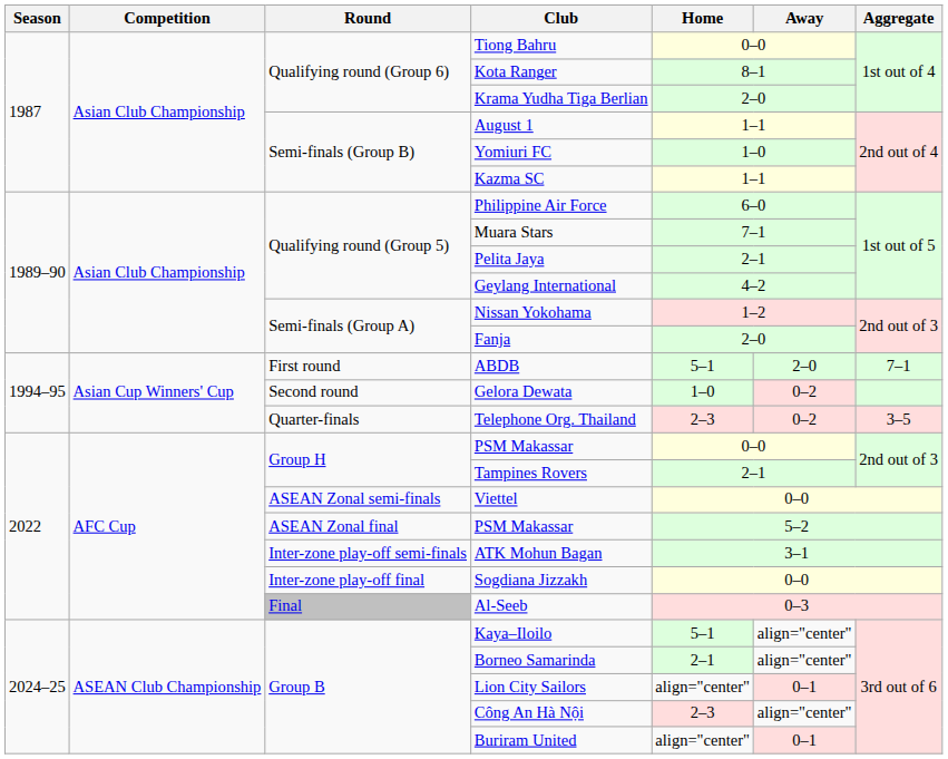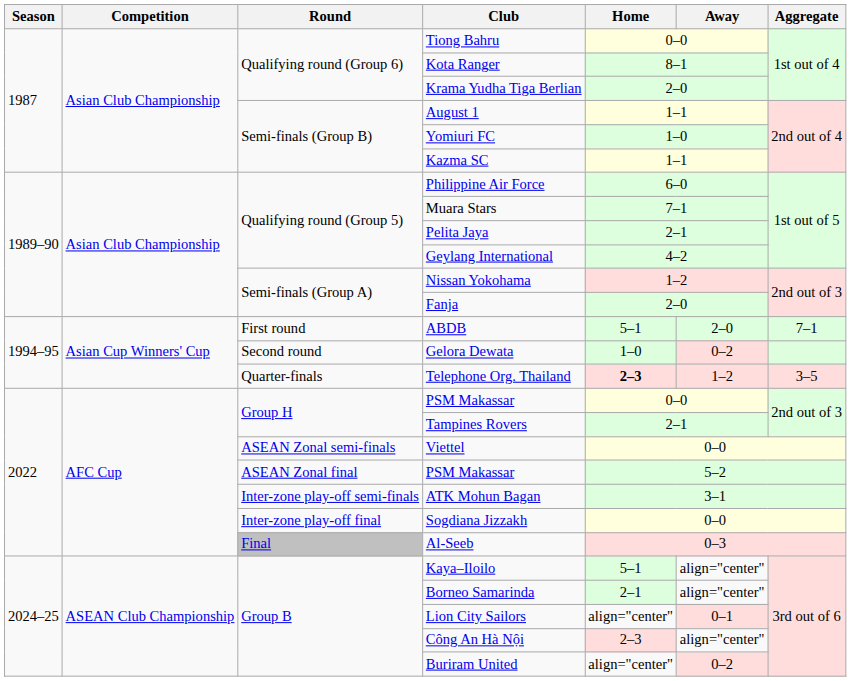 <table class="wikitable" style="font-size:90%">
 <tr>
 <th>Season</th>
 <th>Competition</th>
 <th>Round</th>
 <th>Club</th>
 <th>Home</th>
 <th>Away</th>
 <th>Aggregate</th>
 </tr>
 <tr>
 <td rowspan="6">1987</td>
 <td rowspan="6"><a href='#'>Asian Club Championship</a></td>
 <td rowspan="3">Qualifying round (Group 6)</td>
 <td> <a href='#'>Tiong Bahru</a></td>
 <td colspan="2" style="text-align:center; background:#ffd;">0–0</td>
 <td rowspan="3" style="text-align:center; background:#dfd;">1st out of 4</td>
 </tr>
 <tr>
 <td> <a href='#'>Kota Ranger</a></td>
 <td colspan="2" style="text-align:center; background:#dfd;">8–1</td>
 </tr>
 <tr>
 <td> <a href='#'>Krama Yudha Tiga Berlian</a></td>
 <td colspan="2" style="text-align:center; background:#dfd;">2–0</td>
 </tr>
 <tr>
 <td rowspan="3">Semi-finals (Group B)</td>
 <td> <a href='#'>August 1</a></td>
 <td colspan="2" style="text-align:center; background:#ffd;">1–1</td>
 <td rowspan="3" style="text-align:center; background:#fdd;">2nd out of 4</td>
 </tr>
 <tr>
 <td> <a href='#'>Yomiuri FC</a></td>
 <td colspan="2" style="text-align:center; background:#dfd;">1–0</td>
 </tr>
 <tr>
 <td> <a href='#'>Kazma SC</a></td>
 <td colspan="2" style="text-align:center; background:#ffd;">1–1</td>
 </tr>
 <tr>
 <td rowspan="6">1989–90</td>
 <td rowspan="6"><a href='#'>Asian Club Championship</a></td>
 <td rowspan="4">Qualifying round (Group 5)</td>
 <td> <a href='#'>Philippine Air Force</a></td>
 <td colspan="2" style="text-align:center; background:#dfd;">6–0</td>
 <td rowspan="4" style="text-align:center; background:#dfd;">1st out of 5</td>
 </tr>
 <tr>
 <td> Muara Stars</td>
 <td colspan="2" style="text-align:center; background:#dfd;">7–1</td>
 </tr>
 <tr>
 <td> <a href='#'>Pelita Jaya</a></td>
 <td colspan="2" style="text-align:center; background:#dfd;">2–1</td>
 </tr>
 <tr>
 <td> <a href='#'>Geylang International</a></td>
 <td colspan="2" style="text-align:center; background:#dfd;">4–2</td>
 </tr>
 <tr>
 <td rowspan="2">Semi-finals (Group A)</td>
 <td> <a href='#'>Nissan Yokohama</a></td>
 <td colspan="2" style="text-align:center; background:#fdd;">1–2</td>
 <td rowspan="2" style="text-align:center; background:#fdd;">2nd out of 3</td>
 </tr>
 <tr>
 <td> <a href='#'>Fanja</a></td>
 <td colspan="2" style="text-align:center; background:#dfd;">2–0</td>
 </tr>
 <tr>
 <td rowspan="3">1994–95</td>
 <td rowspan="3"><a href='#'>Asian Cup Winners' Cup</a></td>
 <td>First round</td>
 <td> <a href='#'>ABDB</a></td>
 <td style="text-align:center; background:#dfd;">5–1</td>
 <td style="text-align:center; background:#dfd;">2–0</td>
 <td style="text-align:center; background:#dfd;">7–1</td>
 </tr>
 <tr>
 <td>Second round</td>
 <td> <a href='#'>Gelora Dewata</a></td>
 <td style="text-align:center; background:#dfd;">1–0</td>
 <td style="text-align:center; background:#fdd;">0–2</td>
 <td style="text-align:center; background:#dfd;"></td>
 </tr>
 <tr>
 <td>Quarter-finals</td>
 <td> <a href='#'>Telephone Org. Thailand</a></td>
-<td style="text-align:center; background:#fdd;">2–3 </td>
-<td style="text-align:center; background:#fdd;">0–2</td>
+<td style="text-align:center; background:#fdd;"><strong>2–3 </strong></td>
+<td style="text-align:center; background:#fdd;">1–2</td>
 <td style="text-align:center; background:#fdd;">3–5</td>
 </tr>
 <tr>
 <td rowspan="7">2022</td>
 <td rowspan="7"><a href='#'>AFC Cup</a></td>
 <td rowspan="2"><a href='#'>Group H</a></td>
 <td> <a href='#'>PSM Makassar</a></td>
 <td colspan="2" style="text-align:center; background:#ffd;">0–0</td>
 <td rowspan="2" style="text-align:center; background:#dfd;">2nd out of 3</td>
 </tr>
 <tr>
 <td> <a href='#'>Tampines Rovers</a></td>
 <td colspan="2" style="text-align:center; background:#dfd;">2–1</td>
 </tr>
 <tr>
 <td><a href='#'>ASEAN Zonal semi-finals</a></td>
 <td> <a href='#'>Viettel</a></td>
 <td colspan="3" style="text-align:center; background:#ffd;">0–0 <br></td>
 </tr>
 <tr>
 <td><a href='#'>ASEAN Zonal final</a></td>
 <td> <a href='#'>PSM Makassar</a></td>
 <td colspan="3" style="text-align:center; background:#dfd;">5–2</td>
 </tr>
 <tr>
 <td><a href='#'>Inter-zone play-off semi-finals</a></td>
 <td> <a href='#'>ATK Mohun Bagan</a></td>
 <td colspan="3" style="text-align:center; background:#dfd;">3–1</td>
 </tr>
 <tr>
 <td><a href='#'>Inter-zone play-off final</a></td>
 <td> <a href='#'>Sogdiana Jizzakh</a></td>
 <td colspan="3" style="text-align:center; background:#ffd;">0–0 <br></td>
 </tr>
 <tr>
 <td bgcolor=silver><a href='#'>Final</a></td>
 <td> <a href='#'>Al-Seeb</a></td>
 <td colspan="3" style="text-align:center; background:#fdd;">0–3</td>
 </tr>
 <tr>
 <td rowspan="5">2024–25</td>
 <td rowspan="5"><a href='#'>ASEAN Club Championship</a></td>
 <td rowspan="5"><a href='#'>Group B</a></td>
 <td> <a href='#'>Kaya–Iloilo</a></td>
 <td style="text-align:center; background:#dfd;">5–1</td>
 <td>align="center" </td>
 <td rowspan="5" style="text-align:center; background:#fdd;">3rd out of 6</td>
 </tr>
 <tr>
 <td> <a href='#'>Borneo Samarinda</a></td>
 <td style="text-align:center; background:#dfd;">2–1</td>
 <td>align="center" </td>
 </tr>
 <tr>
 <td> <a href='#'>Lion City Sailors</a></td>
 <td>align="center" </td>
 <td style="text-align:center; background:#fdd;">0–1</td>
 </tr>
 <tr>
 <td> <a href='#'>Công An Hà Nội</a></td>
 <td style="text-align:center; background:#fdd;">2–3</td>
 <td>align="center" </td>
 </tr>
 <tr>
 <td> <a href='#'>Buriram United</a></td>
 <td>align="center" </td>
-<td style="text-align:center; background:#fdd;">0–1</td>
+<td style="text-align:center; background:#fdd;">0–2</td>
 </tr>
 </table>
